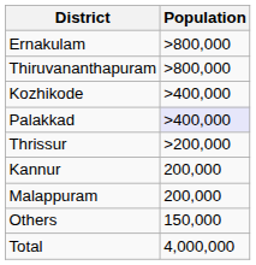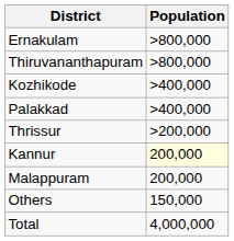 <table class="wikitable sortable">
 <tr>
 <th>District</th>
 <th>Population</th>
 </tr>
 <tr>
 <td>Ernakulam</td>
 <td>>800,000</td>
 </tr>
 <tr>
 <td>Thiruvananthapuram</td>
 <td>>800,000</td>
 </tr>
 <tr>
 <td>Kozhikode</td>
 <td>>400,000</td>
 </tr>
 <tr>
 <td>Palakkad</td>
-<td style="background: lavender;">>400,000</td>
+<td>>400,000</td>
 </tr>
 <tr>
 <td>Thrissur</td>
 <td>>200,000</td>
 </tr>
 <tr>
 <td>Kannur</td>
-<td>200,000</td>
+<td style="background: lightyellow;">200,000</td>
 </tr>
 <tr>
 <td>Malappuram</td>
 <td>200,000</td>
 </tr>
 <tr>
 <td>Others</td>
 <td>150,000</td>
 </tr>
 <tr>
 <td>Total</td>
 <td>4,000,000</td>
 </tr>
 </table>
